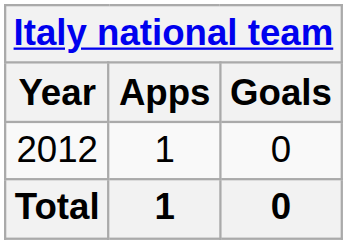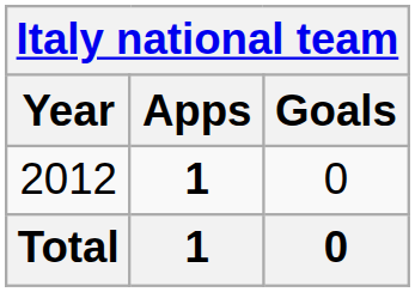 <table class="wikitable" style="text-align:center">
 <tr>
 <th colspan=3><a href='#'>Italy national team</a></th>
 </tr>
 <tr>
 <th>Year</th>
 <th>Apps</th>
 <th>Goals</th>
 </tr>
 <tr>
 <td>2012</td>
-<td>1</td>
+<td><strong>1</strong></td>
 <td>0</td>
 </tr>
 <tr>
 <th>Total</th>
 <th>1</th>
 <th>0</th>
 </tr>
 </table>
